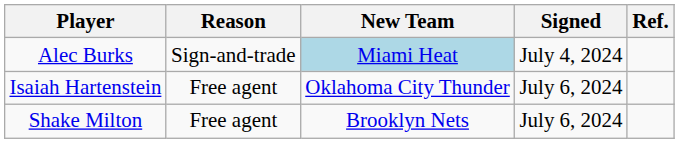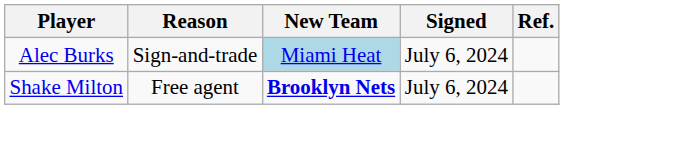 <table class="wikitable sortable sortable" style="text-align: center">
 <tr>
 <th>Player</th>
 <th>Reason</th>
 <th>New Team</th>
 <th>Signed</th>
 <th>Ref.</th>
 </tr>
 <tr>
 <td><a href='#'>Alec Burks</a></td>
 <td>Sign-and-trade</td>
 <td style="background: lightblue;"><a href='#'>Miami Heat</a></td>
-<td>July 4, 2024</td>
-<td></td>
-</tr>
-<tr>
-<td><a href='#'>Isaiah Hartenstein</a></td>
-<td>Free agent</td>
-<td><a href='#'>Oklahoma City Thunder</a></td>
 <td>July 6, 2024</td>
 <td></td>
 </tr>
 <tr>
 <td><a href='#'>Shake Milton</a></td>
 <td>Free agent</td>
-<td><a href='#'>Brooklyn Nets</a></td>
+<td><strong><a href='#'>Brooklyn Nets</a></strong></td>
 <td>July 6, 2024</td>
 <td></td>
 </tr>
 </table>
